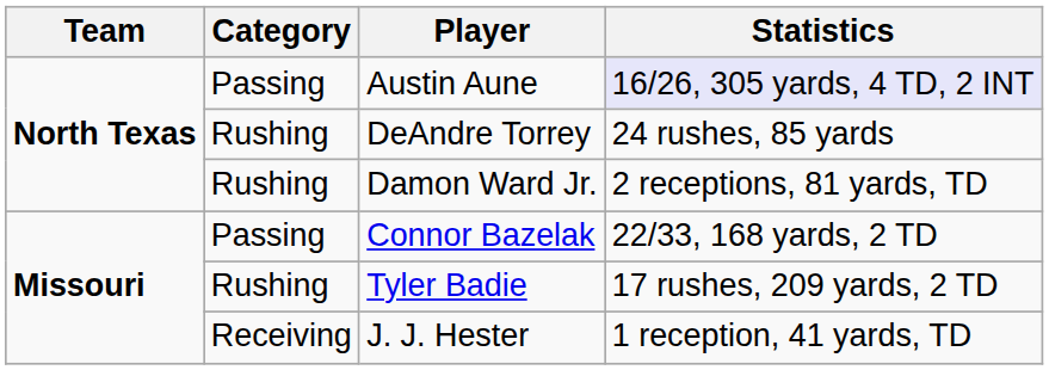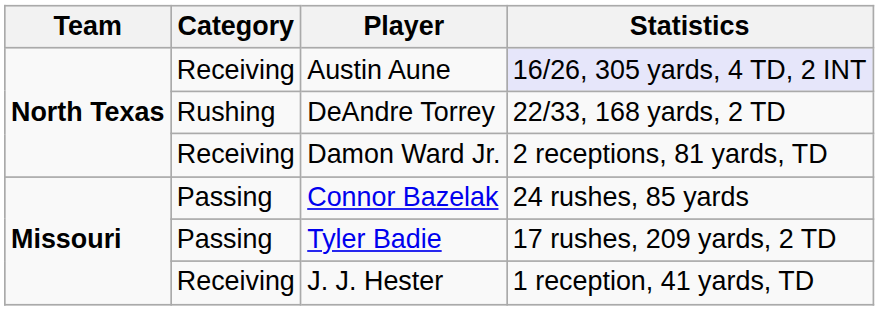 <table class="wikitable" style="float: left;">
 <tr>
 <th>Team</th>
 <th>Category</th>
 <th>Player</th>
 <th>Statistics</th>
 </tr>
 <tr>
 <td rowspan=3><strong>North Texas</strong></td>
-<td>Passing</td>
+<td>Receiving</td>
 <td>Austin Aune</td>
 <td style="background: lavender;">16/26, 305 yards, 4 TD, 2 INT</td>
 </tr>
 <tr>
 <td>Rushing</td>
 <td>DeAndre Torrey</td>
-<td>24 rushes, 85 yards</td>
+<td>22/33, 168 yards, 2 TD</td>
 </tr>
 <tr>
-<td>Rushing</td>
+<td>Receiving</td>
 <td>Damon Ward Jr.</td>
 <td>2 receptions, 81 yards, TD</td>
 </tr>
 <tr>
 <td rowspan=3><strong>Missouri</strong></td>
 <td>Passing</td>
 <td><a href='#'>Connor Bazelak</a></td>
-<td>22/33, 168 yards, 2 TD</td>
+<td>24 rushes, 85 yards</td>
 </tr>
 <tr>
-<td>Rushing</td>
+<td>Passing</td>
 <td><a href='#'>Tyler Badie</a></td>
 <td>17 rushes, 209 yards, 2 TD</td>
 </tr>
 <tr>
 <td>Receiving</td>
 <td>J. J. Hester</td>
 <td>1 reception, 41 yards, TD</td>
 </tr>
 </table>
